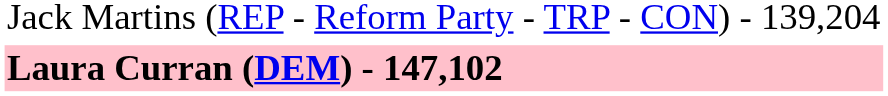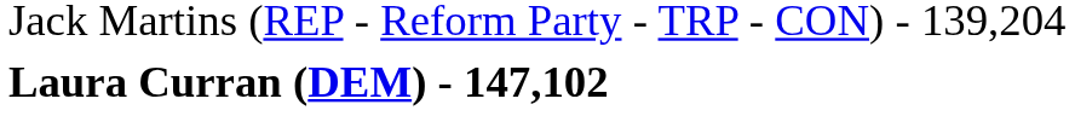 <table class="Wikitable">
 <tr>
 <td>Jack Martins (<a href='#'>REP</a> - <a href='#'>Reform Party</a> - <a href='#'>TRP</a> - <a href='#'>CON</a>) - 139,204</td>
 </tr>
 <tr>
-<td style="background: pink;"><strong>Laura Curran (<a href='#'>DEM</a>) - 147,102</strong></td>
+<td><strong>Laura Curran (<a href='#'>DEM</a>) - 147,102</strong></td>
 </tr>
 </table>
